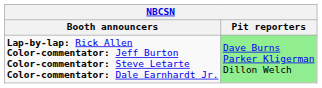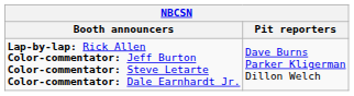 <table class="wikitable" style="font-size: 95%;">
 <tr>
 <th colspan="2"><a href='#'>NBCSN</a></th>
 </tr>
 <tr>
 <th>Booth announcers</th>
 <th>Pit reporters</th>
 </tr>
 <tr>
 <td><strong>Lap-by-lap:</strong> <a href='#'>Rick Allen</a><br><strong>Color-commentator:</strong> <a href='#'>Jeff Burton</a><br><strong>Color-commentator:</strong> <a href='#'>Steve Letarte</a><br><strong>Color-commentator:</strong> <a href='#'>Dale Earnhardt Jr.</a></td>
-<td style="background: lightgreen;"><a href='#'>Dave Burns</a><br><a href='#'>Parker Kligerman</a><br>Dillon Welch</td>
+<td><a href='#'>Dave Burns</a><br><a href='#'>Parker Kligerman</a><br>Dillon Welch</td>
 </tr>
 </table>
